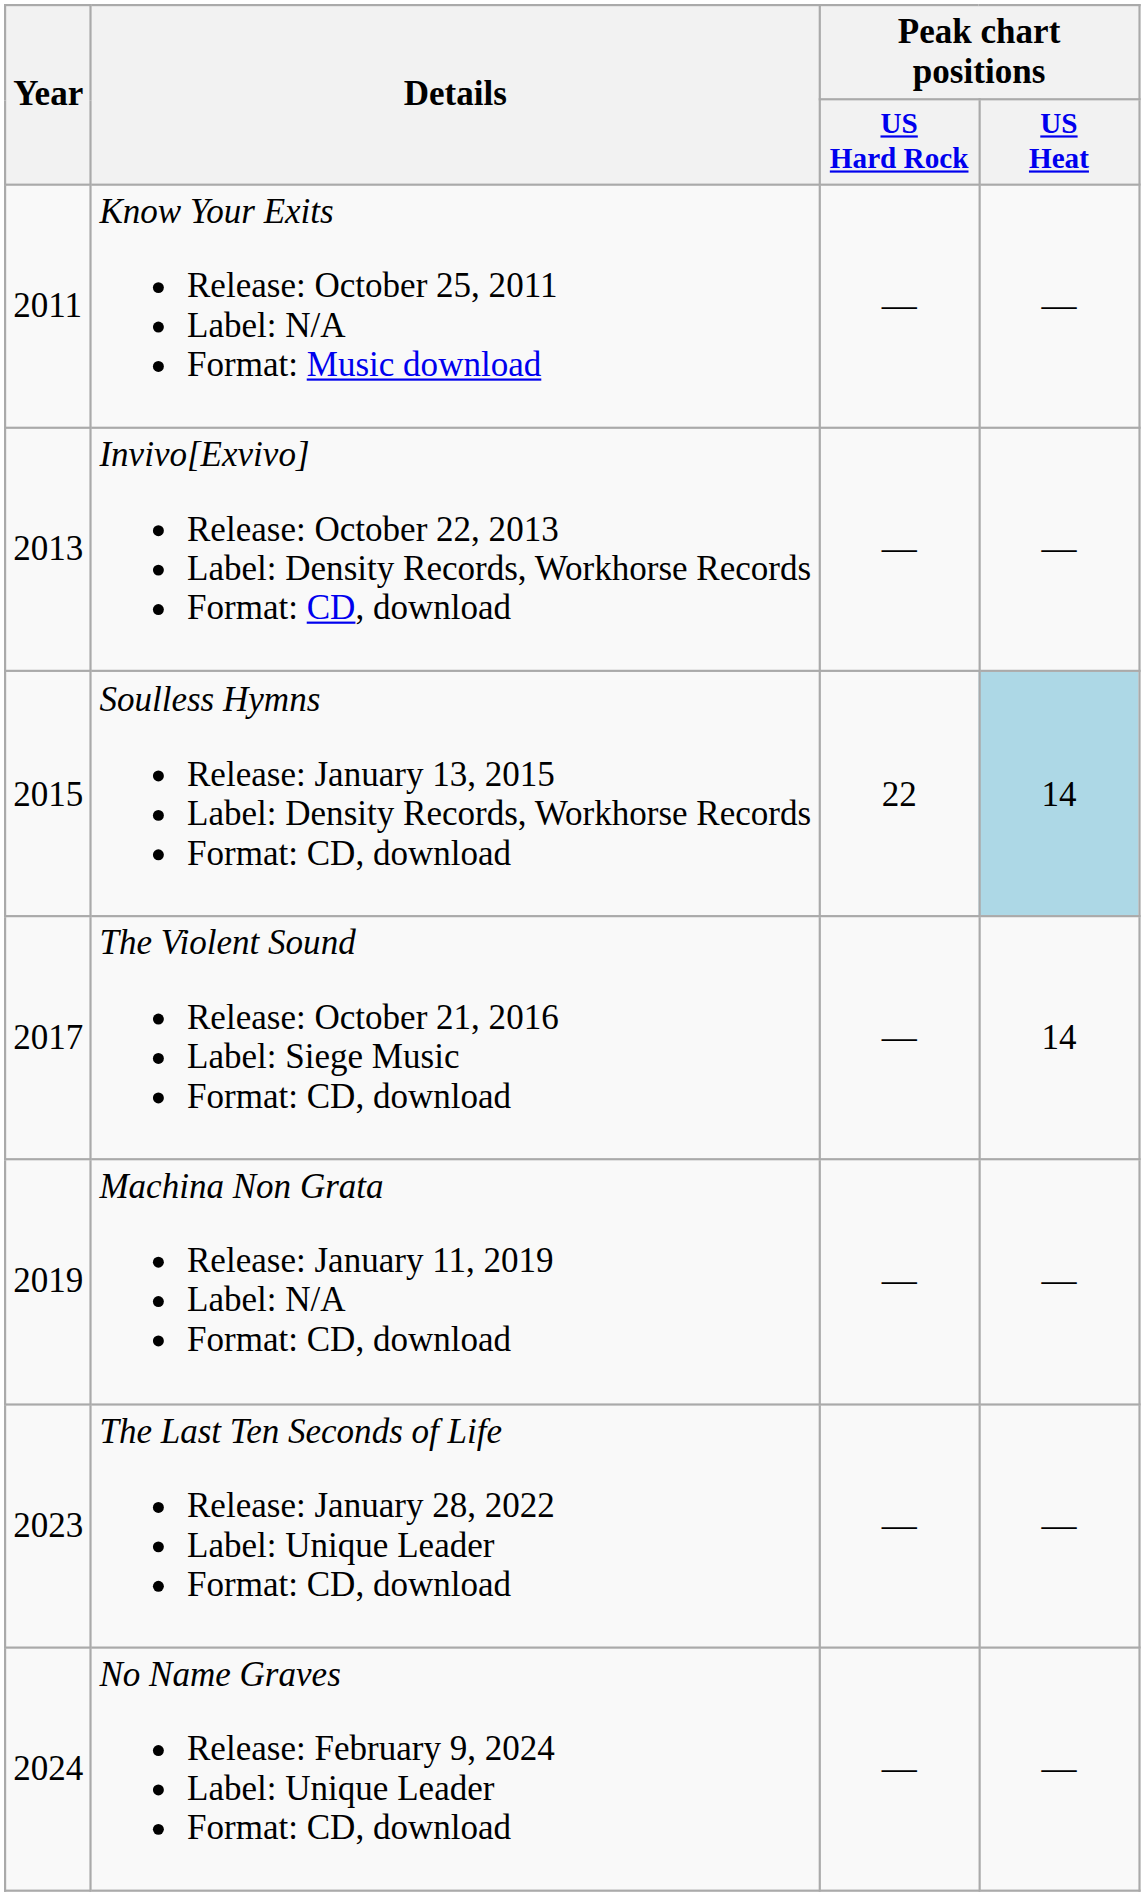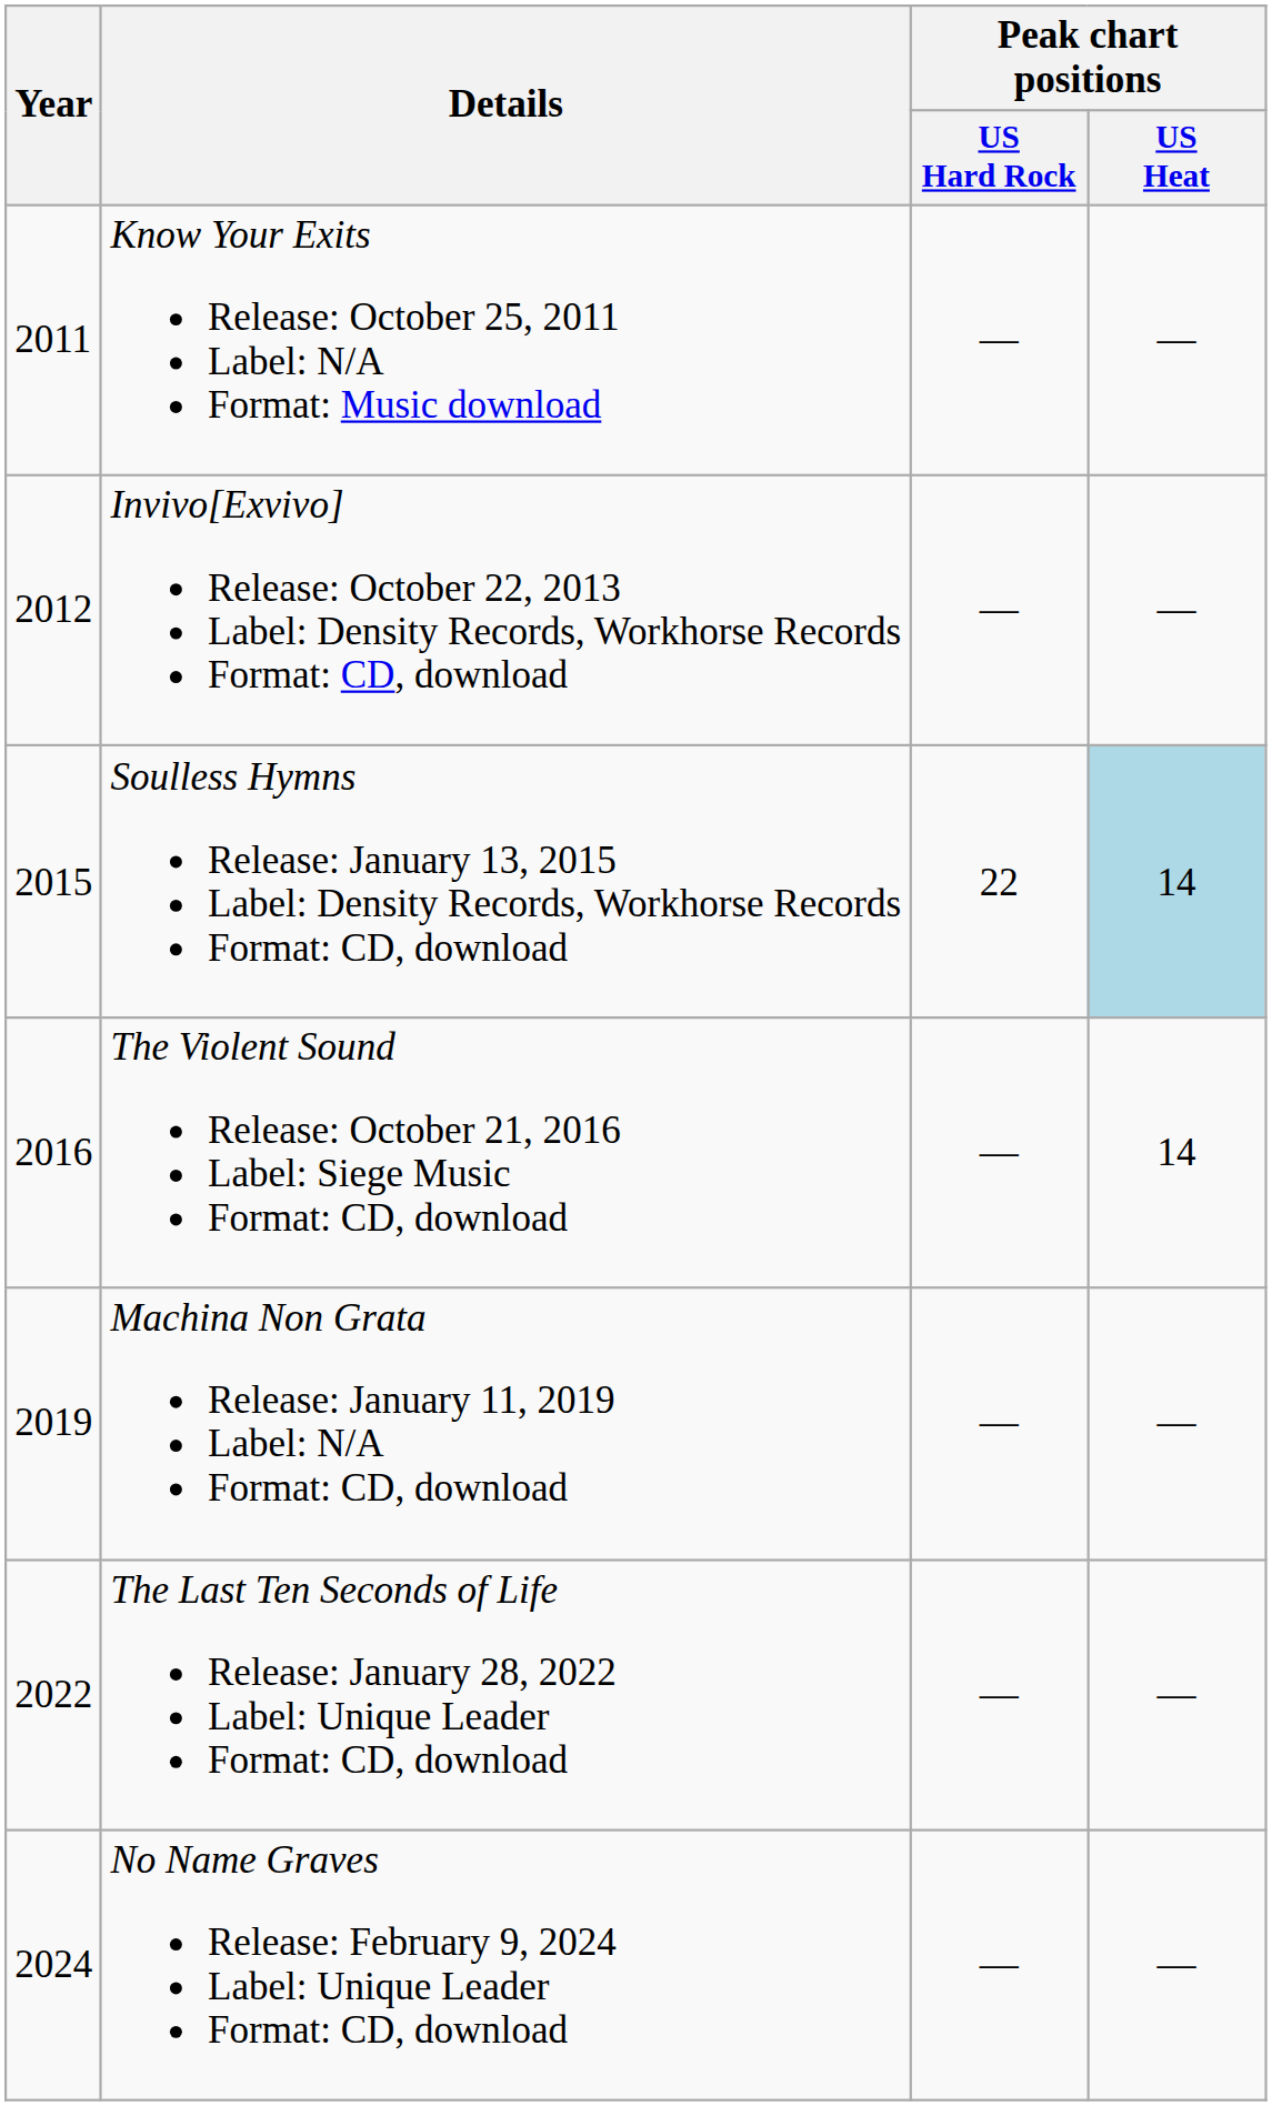 <table class="wikitable">
 <tr>
 <th rowspan=2>Year</th>
 <th ! rowspan=2>Details</th>
 <th ! colspan=2>Peak chart positions</th>
 </tr>
 <tr style="font-size:smaller;">
 <th ! style="width:5em;"><a href='#'>US <br> Hard Rock</a><br></th>
 <th ! style="width:5em;"><a href='#'>US <br>Heat</a><br></th>
 </tr>
 <tr>
 <td>2011</td>
 <td><em>Know Your Exits</em><br><ul><li>Release: October 25, 2011</li><li>Label: N/A</li><li>Format: <a href='#'>Music download</a></li></ul></td>
 <td style="text-align:center;">—</td>
 <td style="text-align:center;">—</td>
 </tr>
 <tr>
-<td>2013</td>
+<td>2012</td>
 <td><em>Invivo[Exvivo]</em><br><ul><li>Release: October 22, 2013</li><li>Label: Density Records, Workhorse Records</li><li>Format: <a href='#'>CD</a>, download</li></ul></td>
 <td style="text-align:center;">—</td>
 <td style="text-align:center;">—</td>
 </tr>
 <tr>
 <td>2015</td>
 <td><em>Soulless Hymns</em><br><ul><li>Release: January 13, 2015</li><li>Label: Density Records, Workhorse Records</li><li>Format: CD, download</li></ul></td>
 <td style="text-align:center;">22</td>
 <td style="background: lightblue; text-align:center;">14</td>
 </tr>
 <tr>
-<td>2017</td>
+<td>2016</td>
 <td><em>The Violent Sound</em><br><ul><li>Release: October 21, 2016</li><li>Label: Siege Music</li><li>Format: CD, download</li></ul></td>
 <td style="text-align:center;">—</td>
 <td style="text-align:center;">14</td>
 </tr>
 <tr>
 <td>2019</td>
 <td><em>Machina Non Grata</em><br><ul><li>Release: January 11, 2019</li><li>Label: N/A</li><li>Format: CD, download</li></ul></td>
 <td style="text-align:center;">—</td>
 <td style="text-align:center;">—</td>
 </tr>
 <tr>
-<td>2023</td>
+<td>2022</td>
 <td><em>The Last Ten Seconds of Life</em><br><ul><li>Release: January 28, 2022</li><li>Label: Unique Leader</li><li>Format: CD, download</li></ul></td>
 <td style="text-align:center;">—</td>
 <td style="text-align:center;">—</td>
 </tr>
 <tr>
 <td>2024</td>
 <td><em>No Name Graves</em><br><ul><li>Release: February 9, 2024</li><li>Label: Unique Leader</li><li>Format: CD, download</li></ul></td>
 <td style="text-align:center;">—</td>
 <td style="text-align:center;">—</td>
 </tr>
 </table>
